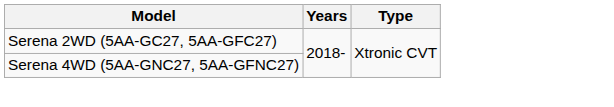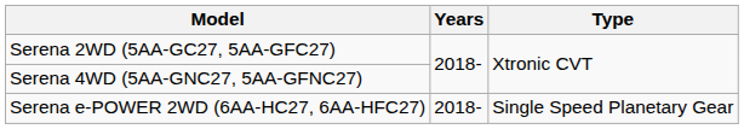 <table class="wikitable">
 <tr>
 <th>Model</th>
 <th>Years</th>
 <th>Type</th>
 </tr>
 <tr>
 <td>Serena 2WD (5AA-GC27, 5AA-GFC27)</td>
 <td rowspan="2">2018-</td>
 <td rowspan="2">Xtronic CVT</td>
 </tr>
 <tr>
 <td>Serena 4WD (5AA-GNC27, 5AA-GFNC27)</td>
 </tr>
+<tr>
+<td>Serena e-POWER 2WD (6AA-HC27, 6AA-HFC27)</td>
+<td>2018-</td>
+<td>Single Speed Planetary Gear</td>
+</tr>
 </table>
